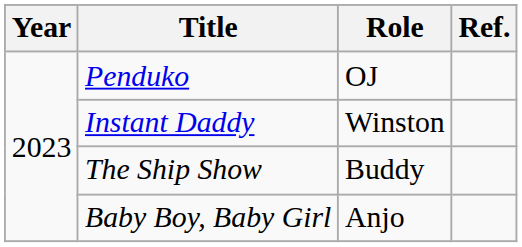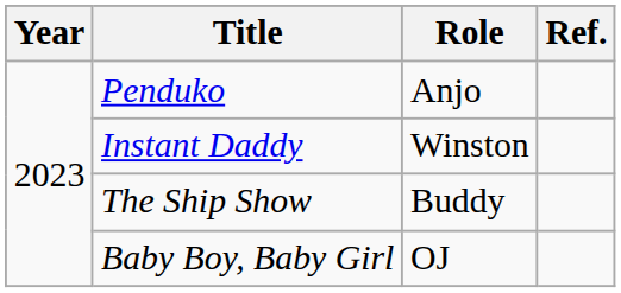 <table class="wikitable sortable">
 <tr>
 <th>Year</th>
 <th>Title</th>
 <th>Role</th>
 <th>Ref.</th>
 </tr>
 <tr>
 <td rowspan="4">2023</td>
 <td><em><a href='#'>Penduko</a></em></td>
-<td>OJ</td>
+<td>Anjo</td>
 <td></td>
 </tr>
 <tr>
 <td><em><a href='#'>Instant Daddy</a></em></td>
 <td>Winston</td>
 <td></td>
 </tr>
 <tr>
 <td><em>The Ship Show</em></td>
 <td>Buddy</td>
 <td></td>
 </tr>
 <tr>
 <td><em>Baby Boy, Baby Girl</em></td>
-<td>Anjo</td>
+<td>OJ</td>
 <td></td>
 </tr>
 </table>
